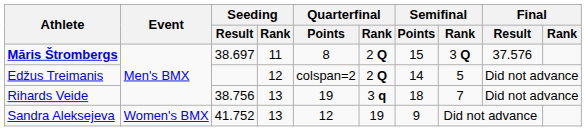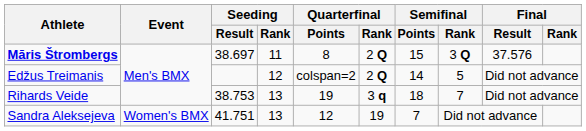 <table class="wikitable" style="font-size:90%">
 <tr>
 <th rowspan="2">Athlete</th>
 <th rowspan="2">Event</th>
 <th colspan="2">Seeding</th>
 <th colspan="2">Quarterfinal</th>
 <th colspan="2">Semifinal</th>
 <th colspan="2">Final</th>
 </tr>
 <tr style="font-size:95%">
 <th>Result</th>
 <th>Rank</th>
 <th>Points</th>
 <th>Rank</th>
 <th>Points</th>
 <th>Rank</th>
 <th>Result</th>
 <th>Rank</th>
 </tr>
 <tr align=center>
 <td align=left><strong><a href='#'>Māris Štrombergs</a></strong></td>
 <td align=left rowspan=3><a href='#'>Men's BMX</a></td>
 <td>38.697</td>
 <td>11</td>
 <td>8</td>
 <td>2 <strong>Q</strong></td>
 <td>15</td>
 <td>3 <strong>Q</strong></td>
 <td>37.576</td>
 <td></td>
 </tr>
 <tr align=center>
 <td align=left><a href='#'>Edžus Treimanis</a></td>
 <td></td>
 <td>12</td>
 <td>colspan=2 </td>
 <td>2 <strong>Q</strong></td>
 <td>14</td>
 <td>5</td>
 <td colspan=2>Did not advance</td>
 </tr>
 <tr align=center>
 <td align=left><a href='#'>Rihards Veide</a></td>
-<td>38.756</td>
+<td>38.753</td>
 <td>13</td>
 <td>19</td>
 <td>3 <strong>q</strong></td>
 <td>18</td>
 <td>7</td>
 <td colspan=2>Did not advance</td>
 </tr>
 <tr align=center>
 <td align=left><a href='#'>Sandra Aleksejeva</a></td>
 <td align=left><a href='#'>Women's BMX</a></td>
-<td>41.752</td>
+<td>41.751</td>
 <td>13</td>
 <td>12</td>
 <td>19</td>
-<td>9</td>
+<td>7</td>
 <td colspan=2>Did not advance</td>
 </tr>
 </table>
